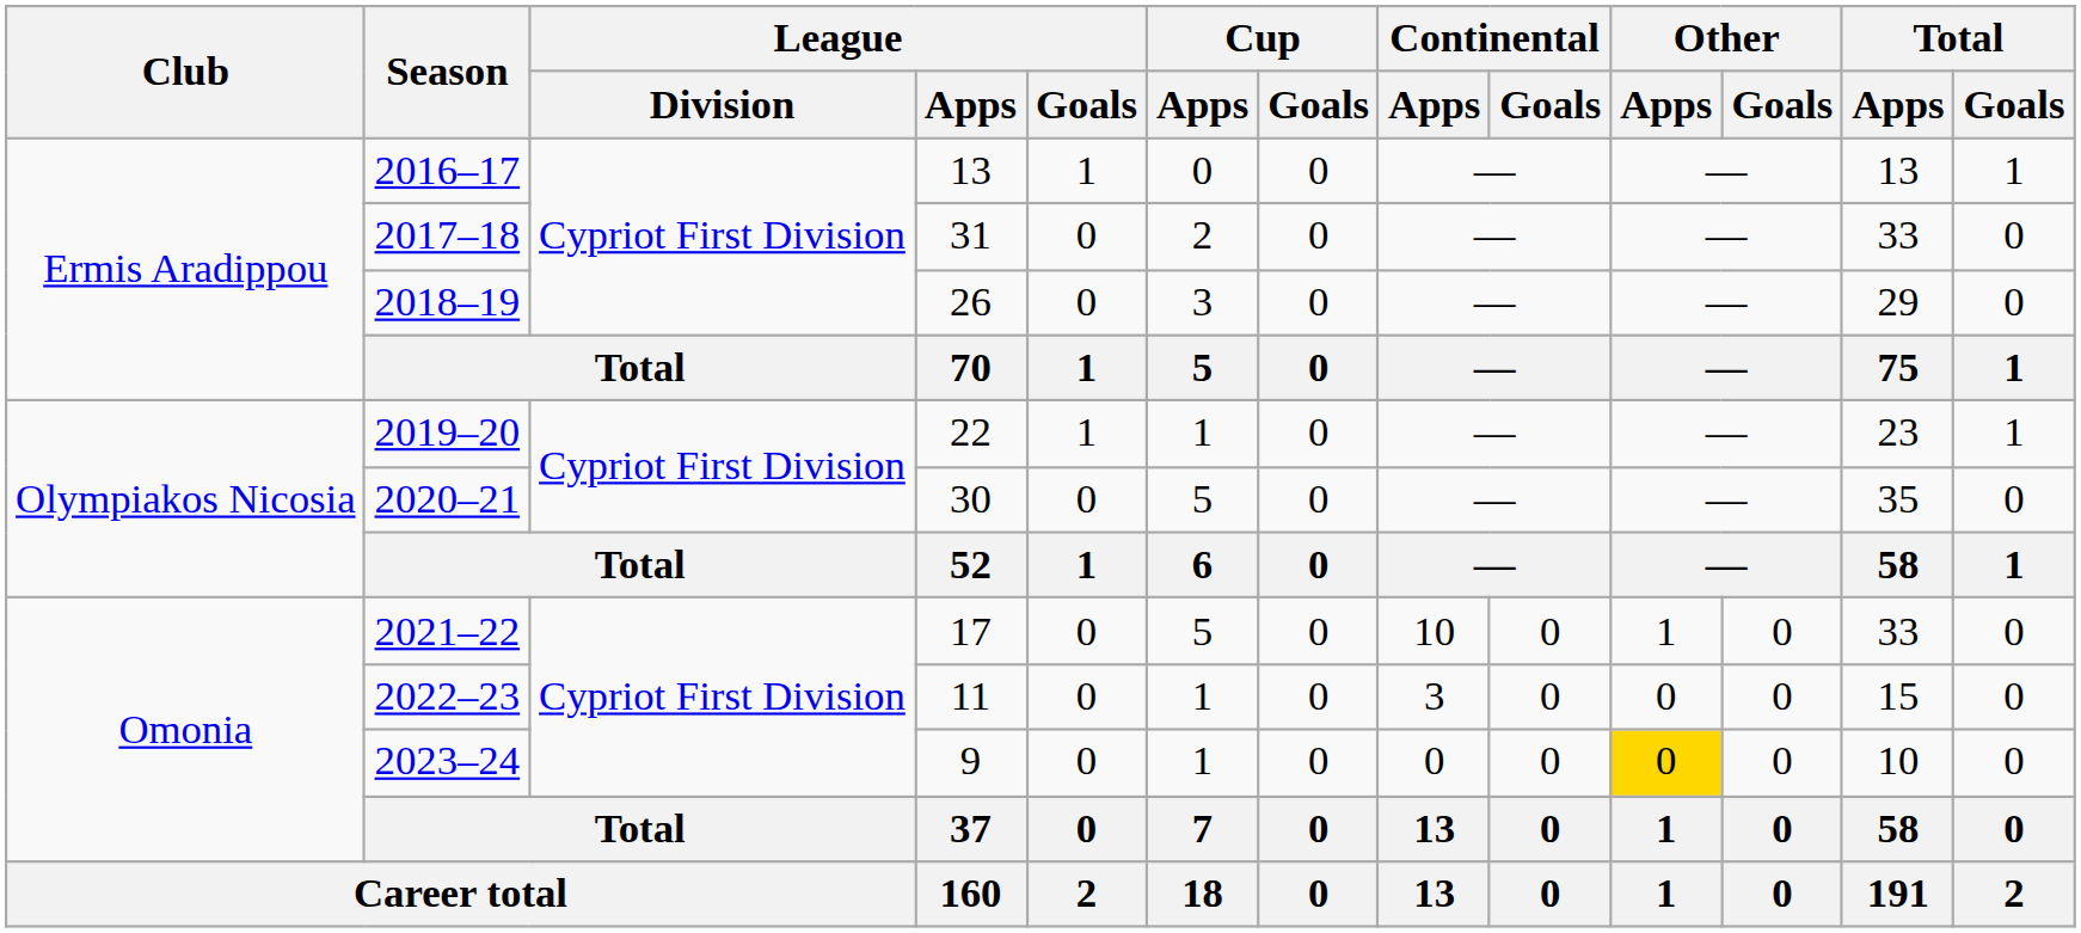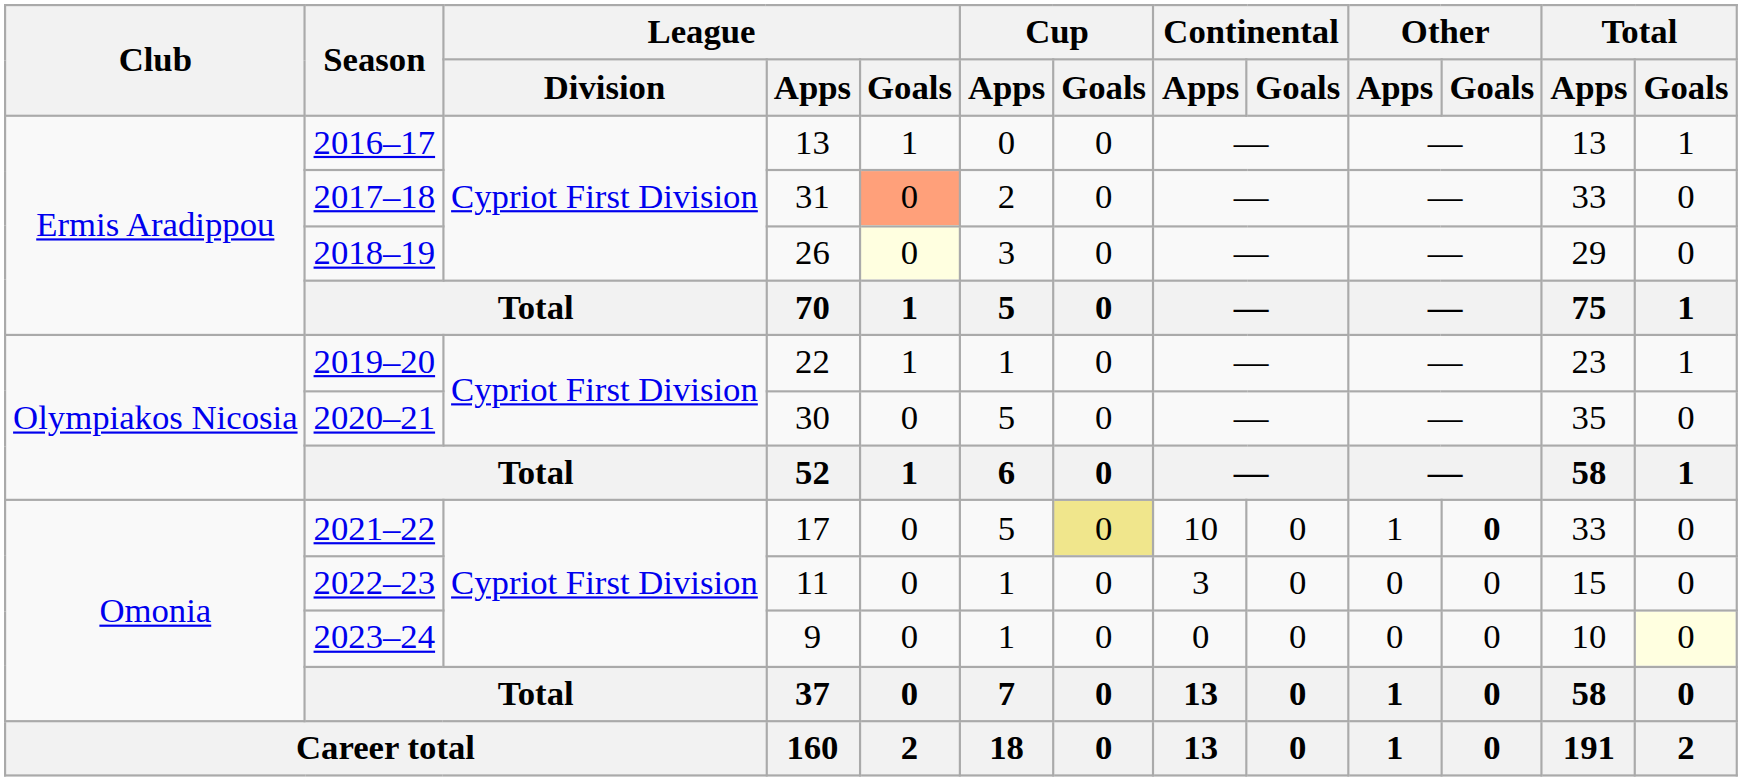 <table class="wikitable" style="text-align:center">
 <tr>
 <th rowspan="2">Club</th>
 <th rowspan="2">Season</th>
 <th colspan="3">League</th>
 <th colspan="2">Cup</th>
 <th colspan="2">Continental</th>
 <th colspan="2">Other</th>
 <th colspan="2">Total</th>
 </tr>
 <tr>
 <th>Division</th>
 <th>Apps</th>
 <th>Goals</th>
 <th>Apps</th>
 <th>Goals</th>
 <th>Apps</th>
 <th>Goals</th>
 <th>Apps</th>
 <th>Goals</th>
 <th>Apps</th>
 <th>Goals</th>
 </tr>
 <tr>
 <td rowspan="4"><a href='#'>Ermis Aradippou</a></td>
 <td><a href='#'>2016–17</a></td>
 <td rowspan="3"><a href='#'>Cypriot First Division</a></td>
 <td>13</td>
 <td>1</td>
 <td>0</td>
 <td>0</td>
 <td colspan=2>—</td>
 <td colspan=2>—</td>
 <td>13</td>
 <td>1</td>
 </tr>
 <tr>
 <td><a href='#'>2017–18</a></td>
 <td>31</td>
-<td>0</td>
+<td style="background: lightsalmon;">0</td>
 <td>2</td>
 <td>0</td>
 <td colspan=2>—</td>
 <td colspan=2>—</td>
 <td>33</td>
 <td>0</td>
 </tr>
 <tr>
 <td><a href='#'>2018–19</a></td>
 <td>26</td>
-<td>0</td>
+<td style="background: lightyellow;">0</td>
 <td>3</td>
 <td>0</td>
 <td colspan=2>—</td>
 <td colspan=2>—</td>
 <td>29</td>
 <td>0</td>
 </tr>
 <tr>
 <th colspan="2">Total</th>
 <th>70</th>
 <th>1</th>
 <th>5</th>
 <th>0</th>
 <th colspan=2>—</th>
 <th colspan=2>—</th>
 <th>75</th>
 <th>1</th>
 </tr>
 <tr>
 <td rowspan="3"><a href='#'>Olympiakos Nicosia</a></td>
 <td><a href='#'>2019–20</a></td>
 <td rowspan="2"><a href='#'>Cypriot First Division</a></td>
 <td>22</td>
 <td>1</td>
 <td>1</td>
 <td>0</td>
 <td colspan=2>—</td>
 <td colspan=2>—</td>
 <td>23</td>
 <td>1</td>
 </tr>
 <tr>
 <td><a href='#'>2020–21</a></td>
 <td>30</td>
 <td>0</td>
 <td>5</td>
 <td>0</td>
 <td colspan=2>—</td>
 <td colspan=2>—</td>
 <td>35</td>
 <td>0</td>
 </tr>
 <tr>
 <th colspan="2">Total</th>
 <th>52</th>
 <th>1</th>
 <th>6</th>
 <th>0</th>
 <th colspan=2>—</th>
 <th colspan=2>—</th>
 <th>58</th>
 <th>1</th>
 </tr>
 <tr>
 <td rowspan="4"><a href='#'>Omonia</a></td>
 <td><a href='#'>2021–22</a></td>
 <td rowspan="3"><a href='#'>Cypriot First Division</a></td>
 <td>17</td>
 <td>0</td>
 <td>5</td>
-<td>0</td>
+<td style="background: khaki;">0</td>
 <td>10</td>
 <td>0</td>
 <td>1</td>
-<td>0</td>
+<td><strong>0</strong></td>
 <td>33</td>
 <td>0</td>
 </tr>
 <tr>
 <td><a href='#'>2022–23</a></td>
 <td>11</td>
 <td>0</td>
 <td>1</td>
 <td>0</td>
 <td>3</td>
 <td>0</td>
 <td>0</td>
 <td>0</td>
 <td>15</td>
 <td>0</td>
 </tr>
 <tr>
 <td><a href='#'>2023–24</a></td>
 <td>9</td>
 <td>0</td>
 <td>1</td>
 <td>0</td>
 <td>0</td>
 <td>0</td>
-<td style="background: gold;">0</td>
+<td>0</td>
 <td>0</td>
 <td>10</td>
-<td>0</td>
+<td style="background: lightyellow;">0</td>
 </tr>
 <tr>
 <th colspan="2">Total</th>
 <th>37</th>
 <th>0</th>
 <th>7</th>
 <th>0</th>
 <th>13</th>
 <th>0</th>
 <th>1</th>
 <th>0</th>
 <th>58</th>
 <th>0</th>
 </tr>
 <tr>
 <th colspan="3">Career total</th>
 <th>160</th>
 <th>2</th>
 <th>18</th>
 <th>0</th>
 <th>13</th>
 <th>0</th>
 <th>1</th>
 <th>0</th>
 <th>191</th>
 <th>2</th>
 </tr>
 </table>
